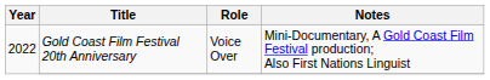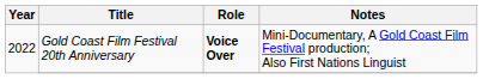 <table class="wikitable sortable">
 <tr>
 <th>Year</th>
 <th>Title</th>
 <th>Role</th>
 <th class="unsortable">Notes</th>
 </tr>
 <tr>
 <td rowspan=2>2022</td>
 <td><em>Gold Coast Film Festival 20th Anniversary</em></td>
-<td>Voice Over</td>
+<td><strong>Voice Over</strong></td>
 <td>Mini-Documentary, A <a href='#'>Gold Coast Film Festival</a> production;<br>Also First Nations Linguist</td>
 </tr>
 <tr>
 </tr>
 </table>
